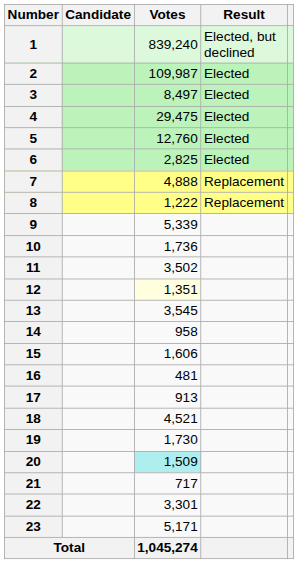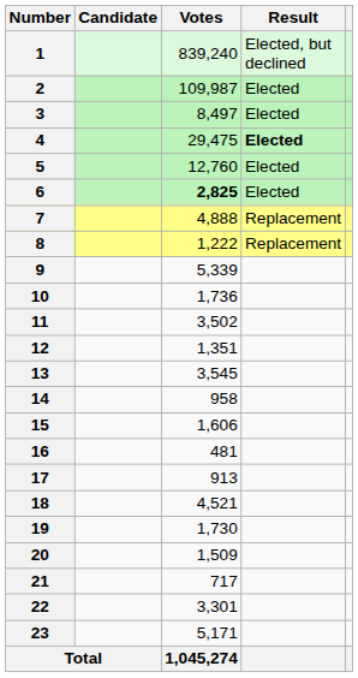 <table class="wikitable sortable">
 <tr>
 <th scope="col">Number</th>
 <th scope="col">Candidate</th>
 <th scope="col">Votes</th>
 <th scope="col">Result</th>
 <th scope="col" class="unsortable"></th>
 </tr>
 <tr bgcolor=dcf9dc>
 <th scope="row">1</th>
 <td></td>
 <td style="text-align:right">839,240</td>
 <td>Elected, but<br>declined</td>
 <td></td>
 </tr>
 <tr bgcolor=bbf3bb>
 <th scope="row">2</th>
 <td></td>
 <td style="text-align:right">109,987</td>
 <td>Elected</td>
 <td></td>
 </tr>
 <tr bgcolor=bbf3bb>
 <th scope="row">3</th>
 <td></td>
 <td style="text-align:right">8,497</td>
 <td>Elected</td>
 <td></td>
 </tr>
 <tr bgcolor=bbf3bb>
 <th scope="row">4</th>
 <td></td>
 <td style="text-align:right">29,475</td>
-<td>Elected</td>
+<td><strong>Elected</strong></td>
 <td></td>
 </tr>
 <tr bgcolor=bbf3bb>
 <th scope="row">5</th>
 <td></td>
 <td style="text-align:right">12,760</td>
 <td>Elected</td>
 <td></td>
 </tr>
 <tr bgcolor=bbf3bb>
 <th scope="row">6</th>
 <td></td>
-<td style="text-align:right">2,825</td>
+<td style="text-align:right"><strong>2,825</strong></td>
 <td>Elected</td>
 <td></td>
 </tr>
 <tr bgcolor=#FF8>
 <th scope="row">7</th>
 <td></td>
 <td style="text-align:right">4,888</td>
 <td>Replacement</td>
 <td></td>
 </tr>
 <tr bgcolor=#FF8>
 <th scope="row">8</th>
 <td></td>
 <td style="text-align:right">1,222</td>
 <td>Replacement</td>
 <td></td>
 </tr>
 <tr>
 <th scope="row">9</th>
 <td></td>
 <td style="text-align:right">5,339</td>
 <td></td>
 <td></td>
 </tr>
 <tr>
 <th scope="row">10</th>
 <td></td>
 <td style="text-align:right">1,736</td>
 <td></td>
 <td></td>
 </tr>
 <tr>
 <th scope="row">11</th>
 <td></td>
 <td style="text-align:right">3,502</td>
 <td></td>
 <td></td>
 </tr>
 <tr>
 <th scope="row">12</th>
 <td></td>
-<td style="background: lightyellow; text-align:right">1,351</td>
+<td style="text-align:right">1,351</td>
 <td></td>
 <td></td>
 </tr>
 <tr>
 <th scope="row">13</th>
 <td></td>
 <td style="text-align:right">3,545</td>
 <td></td>
 <td></td>
 </tr>
 <tr>
 <th scope="row">14</th>
 <td></td>
 <td style="text-align:right">958</td>
 <td></td>
 <td></td>
 </tr>
 <tr>
 <th scope="row">15</th>
 <td></td>
 <td style="text-align:right">1,606</td>
 <td></td>
 <td></td>
 </tr>
 <tr>
 <th scope="row">16</th>
 <td></td>
 <td style="text-align:right">481</td>
 <td></td>
 <td></td>
 </tr>
 <tr>
 <th scope="row">17</th>
 <td></td>
 <td style="text-align:right">913</td>
 <td></td>
 <td></td>
 </tr>
 <tr>
 <th scope="row">18</th>
 <td></td>
 <td style="text-align:right">4,521</td>
 <td></td>
 <td></td>
 </tr>
 <tr>
 <th scope="row">19</th>
 <td></td>
 <td style="text-align:right">1,730</td>
 <td></td>
 <td></td>
 </tr>
 <tr>
 <th scope="row">20</th>
 <td></td>
-<td style="background: paleturquoise; text-align:right">1,509</td>
+<td style="text-align:right">1,509</td>
 <td></td>
 <td></td>
 </tr>
 <tr>
 <th scope="row">21</th>
 <td></td>
 <td style="text-align:right">717</td>
 <td></td>
 <td></td>
 </tr>
 <tr>
 <th scope="row">22</th>
 <td></td>
 <td style="text-align:right">3,301</td>
 <td></td>
 <td></td>
 </tr>
 <tr>
 <th scope="row">23</th>
 <td></td>
 <td style="text-align:right">5,171</td>
 <td></td>
 <td></td>
 </tr>
 <tr class="sortbottom">
 <th scope="row" colspan="2">Total</th>
 <th style="text-align:right">1,045,274</th>
 <th></th>
 <th></th>
 </tr>
 </table>
